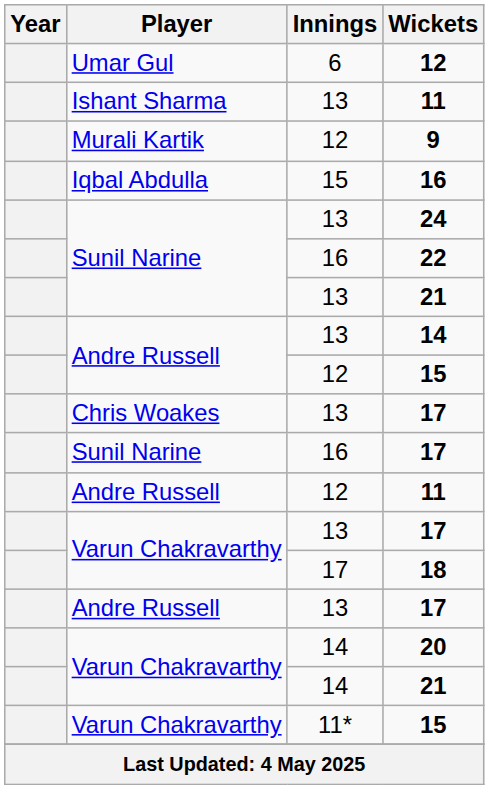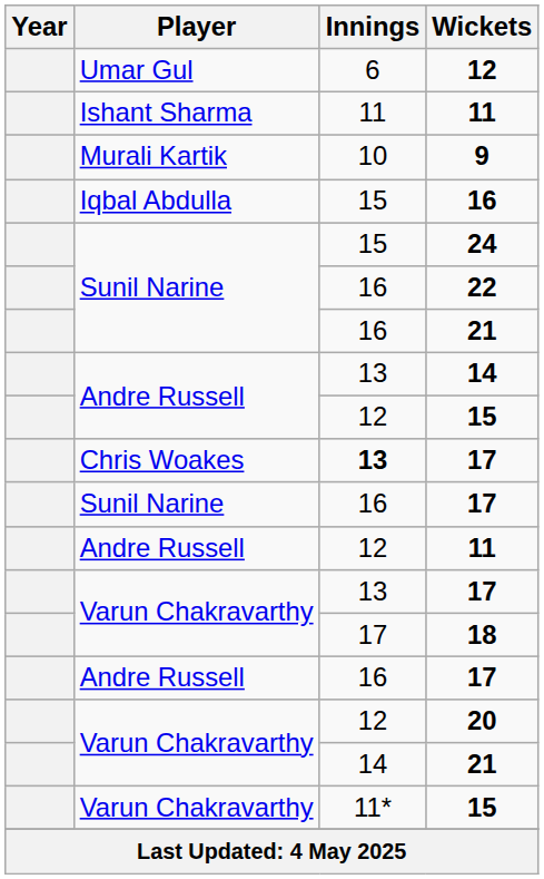 <table class="wikitable sortable" style="text-align:left;font-size:96%;">
 <tr>
 <th>Year</th>
 <th>Player</th>
 <th>Innings</th>
 <th>Wickets</th>
 </tr>
 <tr>
 <th scope=row style=text-align:center;></th>
 <td><a href='#'>Umar Gul</a></td>
 <td align=center>6</td>
 <td align=center><strong>12</strong></td>
 </tr>
 <tr>
 <th scope=row style=text-align:center;></th>
 <td><a href='#'>Ishant Sharma</a></td>
-<td align=center>13</td>
+<td align=center>11</td>
 <td align=center><strong>11</strong></td>
 </tr>
 <tr>
 <th scope=row style=text-align:center;></th>
 <td><a href='#'>Murali Kartik</a></td>
-<td align=center>12</td>
+<td align=center>10</td>
 <td align=center><strong>9</strong></td>
 </tr>
 <tr>
 <th scope=row style=text-align:center;></th>
 <td><a href='#'>Iqbal Abdulla</a></td>
 <td align=center>15</td>
 <td align=center><strong>16</strong></td>
 </tr>
 <tr>
 <th scope=row style=text-align:center;></th>
 <td rowspan=3><a href='#'>Sunil Narine</a></td>
-<td align=center>13</td>
+<td align=center>15</td>
 <td align=center><strong>24</strong></td>
 </tr>
 <tr>
 <th scope=row style=text-align:center;></th>
 <td align=center>16</td>
 <td align=center><strong>22</strong></td>
 </tr>
 <tr>
 <th scope=row style=text-align:center;></th>
-<td align=center>13</td>
+<td align=center>16</td>
 <td align=center><strong>21</strong></td>
 </tr>
 <tr>
 <th scope=row style=text-align:center;></th>
 <td rowspan=2><a href='#'>Andre Russell</a></td>
 <td align=center>13</td>
 <td align=center><strong>14</strong></td>
 </tr>
 <tr>
 <th scope=row style=text-align:center;></th>
 <td align=center>12</td>
 <td align=center><strong>15</strong></td>
 </tr>
 <tr>
 <th scope=row style=text-align:center;></th>
 <td><a href='#'>Chris Woakes</a></td>
-<td align=center>13</td>
+<td align=center><strong>13</strong></td>
 <td align=center><strong>17</strong></td>
 </tr>
 <tr>
 <th scope=row style=text-align:center;></th>
 <td><a href='#'>Sunil Narine</a></td>
 <td align=center>16</td>
 <td align=center><strong>17</strong></td>
 </tr>
 <tr>
 <th scope=row style=text-align:center;></th>
 <td><a href='#'>Andre Russell</a></td>
 <td align=center>12</td>
 <td align=center><strong>11</strong></td>
 </tr>
 <tr>
 <th scope=row style=text-align:center;></th>
 <td rowspan=2><a href='#'>Varun Chakravarthy</a></td>
 <td align=center>13</td>
 <td align=center><strong>17</strong></td>
 </tr>
 <tr>
 <th scope=row style=text-align:center;></th>
 <td align=center>17</td>
 <td align=center><strong>18</strong></td>
 </tr>
 <tr>
 <th scope=row style=text-align:center;></th>
 <td><a href='#'>Andre Russell</a></td>
-<td align=center>13</td>
+<td align=center>16</td>
 <td align=center><strong>17</strong></td>
 </tr>
 <tr>
 <th scope=row style=text-align:center;></th>
 <td rowspan=2><a href='#'>Varun Chakravarthy</a></td>
-<td align=center>14</td>
+<td align=center>12</td>
 <td align=center><strong>20</strong></td>
 </tr>
 <tr>
 <th scope=row style=text-align:center;></th>
 <td align=center>14</td>
 <td align=center><strong>21</strong></td>
 </tr>
 <tr>
 <th scope=row style=text-align:center;></th>
 <td><a href='#'>Varun Chakravarthy</a></td>
 <td align=center>11*</td>
 <td align=center><strong>15</strong></td>
 </tr>
 <tr>
 </tr>
 <tr class=sortbottom>
 <th colspan=6><small>Last Updated: 4 May 2025</small></th>
 </tr>
 </table>
